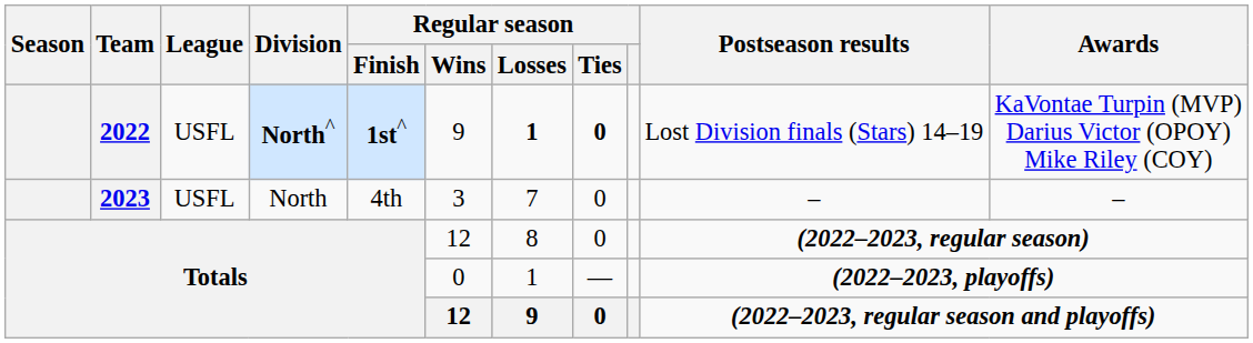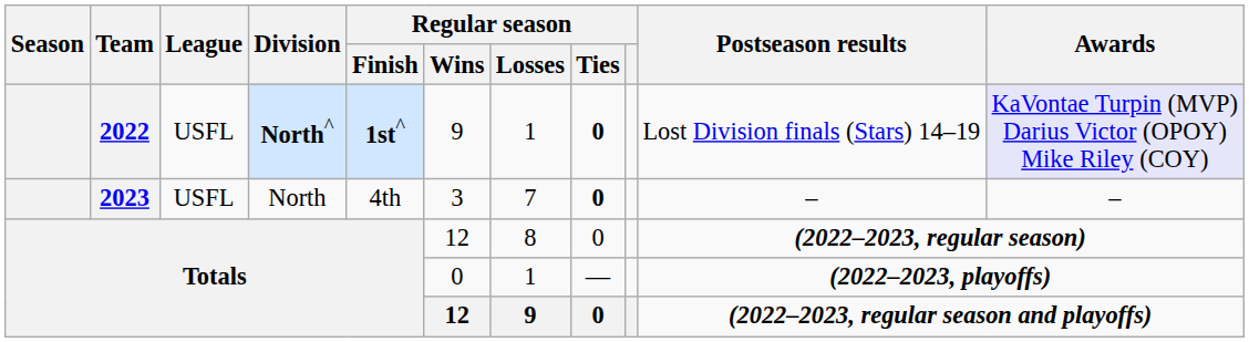 <table class="wikitable" style="text-align:center;">
 <tr>
 <th rowspan="2">Season</th>
 <th rowspan="2">Team</th>
 <th rowspan="2">League</th>
 <th rowspan="2">Division</th>
 <th colspan="5">Regular season</th>
 <th rowspan="2">Postseason results</th>
 <th rowspan="2">Awards</th>
 </tr>
 <tr>
 <th>Finish</th>
 <th>Wins</th>
 <th>Losses</th>
 <th>Ties</th>
 <th></th>
 </tr>
 <tr>
 <th></th>
 <th><a href='#'>2022</a></th>
 <td>USFL</td>
 <td style="background:#d0e7ff"><strong>North</strong><sup>^</sup></td>
 <td style="background:#d0e7ff"><strong>1st</strong><sup>^</sup></td>
 <td>9</td>
-<td><strong>1</strong></td>
+<td>1</td>
 <td><strong>0</strong></td>
 <td></td>
 <td>Lost <a href='#'>Division finals</a> (<a href='#'>Stars</a>) 14–19</td>
-<td><a href='#'>KaVontae Turpin</a> (MVP)<br><a href='#'>Darius Victor</a> (OPOY)<br><a href='#'>Mike Riley</a> (COY)</td>
+<td style="background: lavender;"><a href='#'>KaVontae Turpin</a> (MVP)<br><a href='#'>Darius Victor</a> (OPOY)<br><a href='#'>Mike Riley</a> (COY)</td>
 </tr>
 <tr>
 <th></th>
 <th><a href='#'>2023</a></th>
 <td>USFL</td>
 <td>North</td>
 <td>4th</td>
 <td>3</td>
 <td>7</td>
-<td>0</td>
+<td><strong>0</strong></td>
 <td></td>
 <td>–</td>
 <td>–</td>
 </tr>
 <tr>
 <th rowspan="3" colspan="5">Totals</th>
 <td>12</td>
 <td>8</td>
 <td>0</td>
 <td></td>
 <td colspan="4"><strong><em>(2022–2023, regular season)</em></strong></td>
 </tr>
 <tr>
 <td>0</td>
 <td>1</td>
 <td>—</td>
 <td></td>
 <td colspan="4"><strong><em>(2022–2023, playoffs)</em></strong></td>
 </tr>
 <tr>
 <th>12</th>
 <th>9</th>
 <th>0</th>
 <th></th>
 <td colspan="4"><strong><em>(2022–2023, regular season and playoffs)</em></strong></td>
 </tr>
 </table>
